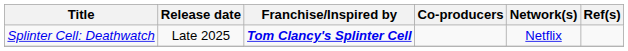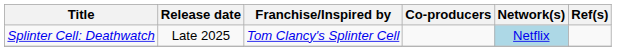 <table class="wikitable sortable" style="text-align:center;">
 <tr>
 <th>Title</th>
 <th>Release date</th>
 <th>Franchise/Inspired by</th>
 <th>Co-producers</th>
 <th>Network(s)</th>
 <th>Ref(s)</th>
 </tr>
 <tr>
 <td><em><a href='#'>Splinter Cell: Deathwatch</a></em></td>
 <td>Late 2025</td>
-<td><strong><em><a href='#'>Tom Clancy's Splinter Cell</a></em></strong></td>
+<td><em><a href='#'>Tom Clancy's Splinter Cell</a></em></td>
 <td></td>
-<td><a href='#'>Netflix</a></td>
+<td style="background: lightblue;"><a href='#'>Netflix</a></td>
 <td></td>
 </tr>
 <tr>
 </tr>
 </table>
